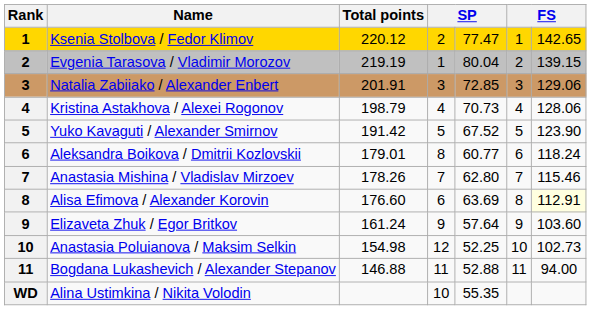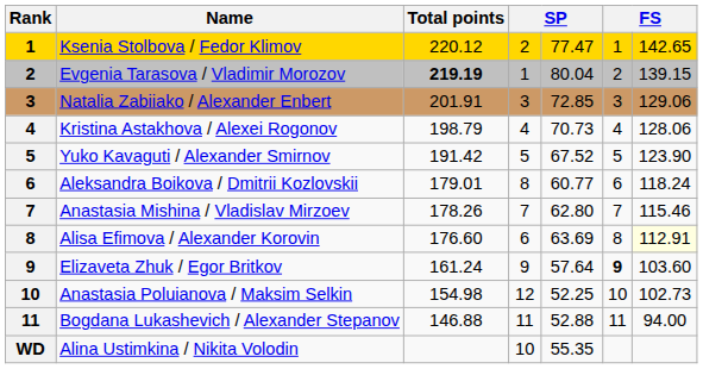 <table class="wikitable sortable">
 <tr>
 <th>Rank</th>
 <th>Name</th>
 <th>Total points</th>
 <th colspan="2" width="80px"><a href='#'>SP</a></th>
 <th colspan="2" width="80px"><a href='#'>FS</a></th>
 </tr>
 <tr bgcolor="gold">
 <td align="center"><strong>1</strong></td>
 <td><a href='#'>Ksenia Stolbova</a> / <a href='#'>Fedor Klimov</a></td>
 <td align="center">220.12</td>
 <td align="center">2</td>
 <td align="center">77.47</td>
 <td align="center">1</td>
 <td align="center">142.65</td>
 </tr>
 <tr bgcolor="silver">
 <td align="center"><strong>2</strong></td>
 <td><a href='#'>Evgenia Tarasova</a> / <a href='#'>Vladimir Morozov</a></td>
-<td align="center">219.19</td>
+<td align="center"><strong>219.19</strong></td>
 <td align="center">1</td>
 <td align="center">80.04</td>
 <td align="center">2</td>
 <td align="center">139.15</td>
 </tr>
 <tr bgcolor="cc9966">
 <td align="center"><strong>3</strong></td>
 <td><a href='#'>Natalia Zabiiako</a> / <a href='#'>Alexander Enbert</a></td>
 <td align="center">201.91</td>
 <td align="center">3</td>
 <td align="center">72.85</td>
 <td align="center">3</td>
 <td align="center">129.06</td>
 </tr>
 <tr>
 <th>4</th>
 <td><a href='#'>Kristina Astakhova</a> / <a href='#'>Alexei Rogonov</a></td>
 <td align="center">198.79</td>
 <td align="center">4</td>
 <td align="center">70.73</td>
 <td align="center">4</td>
 <td align="center">128.06</td>
 </tr>
 <tr>
 <th>5</th>
 <td><a href='#'>Yuko Kavaguti</a> / <a href='#'>Alexander Smirnov</a></td>
 <td align="center">191.42</td>
 <td align="center">5</td>
 <td align="center">67.52</td>
 <td align="center">5</td>
 <td align="center">123.90</td>
 </tr>
 <tr>
 <th>6</th>
 <td><a href='#'>Aleksandra Boikova</a> / <a href='#'>Dmitrii Kozlovskii</a></td>
 <td align="center">179.01</td>
 <td align="center">8</td>
 <td align="center">60.77</td>
 <td align="center">6</td>
 <td align="center">118.24</td>
 </tr>
 <tr>
 <th>7</th>
 <td><a href='#'>Anastasia Mishina</a> / <a href='#'>Vladislav Mirzoev</a></td>
 <td align="center">178.26</td>
 <td align="center">7</td>
 <td align="center">62.80</td>
 <td align="center">7</td>
 <td align="center">115.46</td>
 </tr>
 <tr>
 <th>8</th>
 <td><a href='#'>Alisa Efimova</a> / <a href='#'>Alexander Korovin</a></td>
 <td align="center">176.60</td>
 <td align="center">6</td>
 <td align="center">63.69</td>
 <td align="center">8</td>
 <td align="center" style="background: lightyellow;">112.91</td>
 </tr>
 <tr>
 <th>9</th>
 <td><a href='#'>Elizaveta Zhuk</a> / <a href='#'>Egor Britkov</a></td>
 <td align="center">161.24</td>
 <td align="center">9</td>
 <td align="center">57.64</td>
-<td align="center">9</td>
+<td align="center"><strong>9</strong></td>
 <td align="center">103.60</td>
 </tr>
 <tr>
 <th>10</th>
 <td><a href='#'>Anastasia Poluianova</a> / <a href='#'>Maksim Selkin</a></td>
 <td align="center">154.98</td>
 <td align="center">12</td>
 <td align="center">52.25</td>
 <td align="center">10</td>
 <td align="center">102.73</td>
 </tr>
 <tr>
 <th>11</th>
 <td><a href='#'>Bogdana Lukashevich</a> / <a href='#'>Alexander Stepanov</a></td>
 <td align="center">146.88</td>
 <td align="center">11</td>
 <td align="center">52.88</td>
 <td align="center">11</td>
 <td align="center">94.00</td>
 </tr>
 <tr>
 <th>WD</th>
 <td><a href='#'>Alina Ustimkina</a> / <a href='#'>Nikita Volodin</a></td>
 <td></td>
 <td align="center">10</td>
 <td align="center">55.35</td>
 <td></td>
 <td></td>
 </tr>
 </table>
